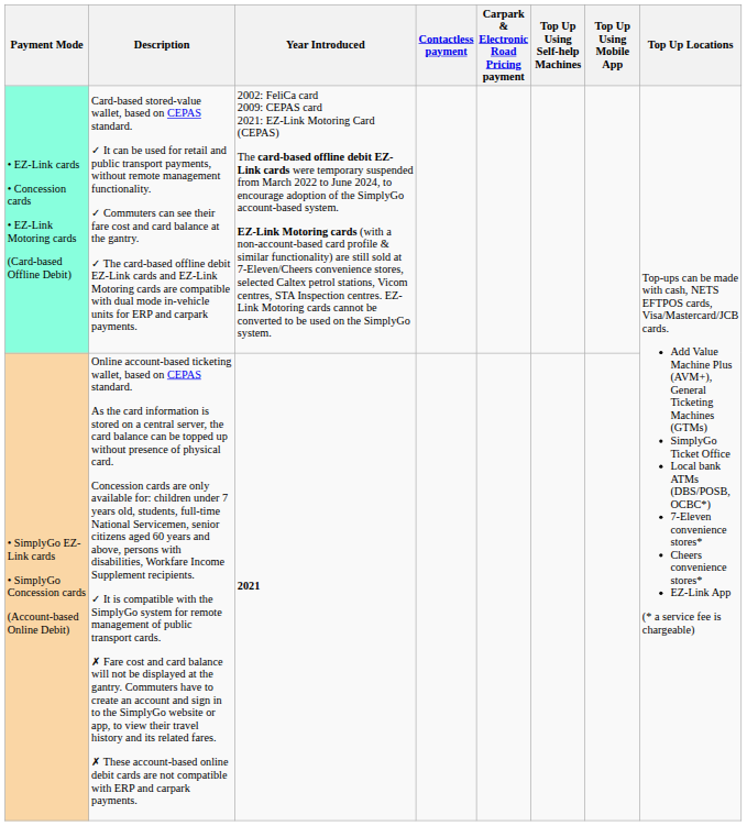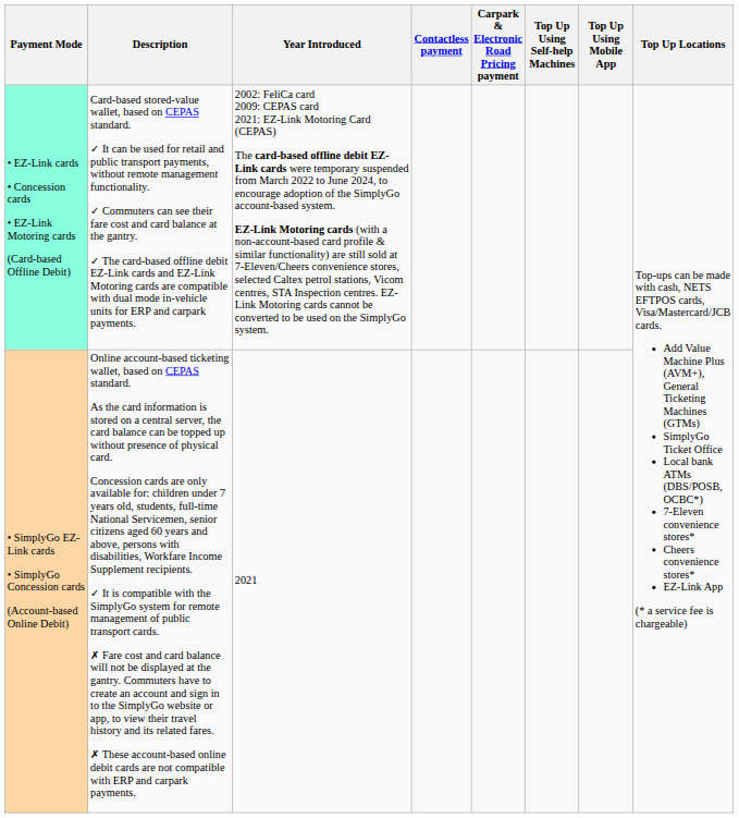 <table class="wikitable" style="text-align: left;">
 <tr>
 <th scope="col" style="width: 112px;">Payment Mode</th>
 <th scope="col" style="width: 200px;">Description</th>
 <th scope="col" style="width: 250px;">Year Introduced</th>
 <th scope="col" style="width: 70px;"><a href='#'>Contactless payment</a></th>
 <th scope="col" style="width: 70px;">Carpark & <a href='#'>Electronic Road Pricing</a> payment</th>
 <th scope="col" style="width: 70px;">Top Up Using Self-help Machines</th>
 <th scope="col" style="width: 70px;">Top Up Using Mobile App</th>
 <th scope="col" style="width: 70px;">Top Up Locations</th>
 </tr>
 <tr>
 <td style="background:#8FD;"><p>• EZ-Link cards</p> <p>• Concession cards</p> <p>• EZ-Link Motoring cards</p> <p> (Card-based Offline Debit)</p></td>
 <td>Card-based stored-value wallet, based on <a href='#'>CEPAS</a> standard. <p>✓ It can be used for retail and public transport payments, without remote management functionality.</p> <p>✓ Commuters can see their fare cost and card balance at the gantry.</p> <p>✓ The card-based offline debit EZ-Link cards and EZ-Link Motoring cards are compatible with dual mode in-vehicle units for ERP and carpark payments.</p></td>
 <td>2002: FeliCa card <br> 2009: CEPAS card <br> 2021: EZ-Link Motoring Card (CEPAS) <p>The <strong>card-based offline debit EZ-Link cards</strong> were temporary suspended from March 2022 to June 2024, to encourage adoption of the SimplyGo account-based system.</p> <p><strong>EZ-Link Motoring cards</strong> (with a non-account-based card profile & similar functionality) are still sold at 7-Eleven/Cheers convenience stores, selected Caltex petrol stations, Vicom centres, STA Inspection centres. EZ-Link Motoring cards cannot be converted to be used on the SimplyGo system.</p></td>
 <td></td>
 <td></td>
 <td></td>
 <td></td>
 <td rowspan="2">Top-ups can be made with cash, NETS EFTPOS cards, Visa/Mastercard/JCB cards.<br><ul><li>Add Value Machine Plus (AVM+), General Ticketing Machines (GTMs)</li><li>SimplyGo Ticket Office</li><li>Local bank ATMs (DBS/POSB, OCBC*)</li><li>7-Eleven convenience stores*</li><li>Cheers convenience stores*</li><li>EZ-Link App</li></ul>(* a service fee is chargeable)</td>
 </tr>
 <tr>
 <td style="background:#fad6a5;"><p>• SimplyGo EZ-Link cards</p> <p>• SimplyGo Concession cards</p> <p> (Account-based Online Debit)</p></td>
 <td>Online account-based ticketing wallet, based on <a href='#'>CEPAS</a> standard. <p> As the card information is stored on a central server, the card balance can be topped up without presence of physical card.</p> <p>Concession cards are only available for: children under 7 years old, students, full-time National Servicemen, senior citizens aged 60 years and above, persons with disabilities, Workfare Income Supplement recipients.</p> <p>✓ It is compatible with the SimplyGo system for remote management of public transport cards.</p> <p>✗ Fare cost and card balance will not be displayed at the gantry. Commuters have to create an account and sign in to the SimplyGo website or app, to view their travel history and its related fares.</p> <p>✗ These account-based online debit cards are not compatible with ERP and carpark payments.</p></td>
-<td><strong>2021</strong></td>
+<td>2021</td>
 <td></td>
 <td></td>
 <td></td>
 <td></td>
 </tr>
 </table>
